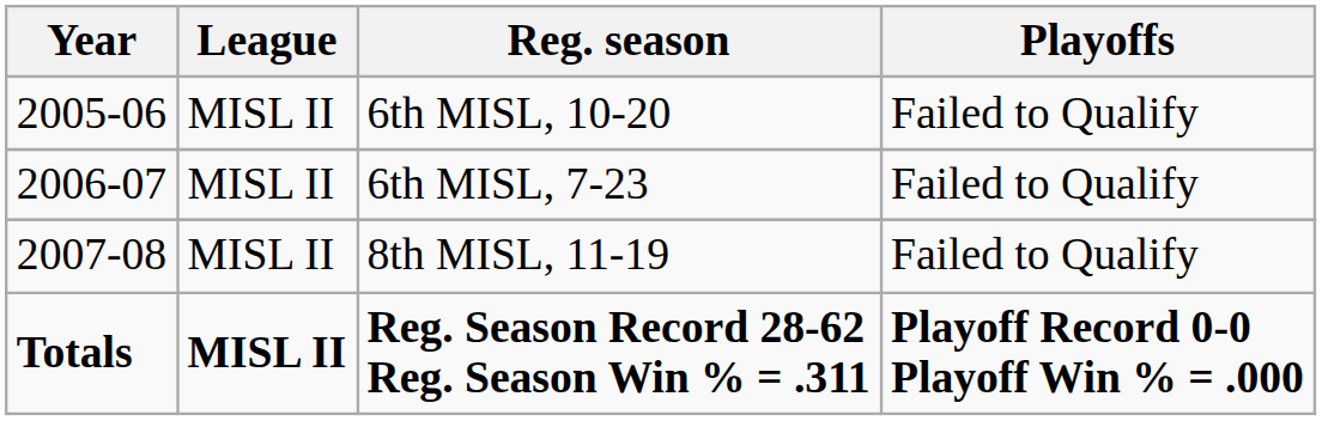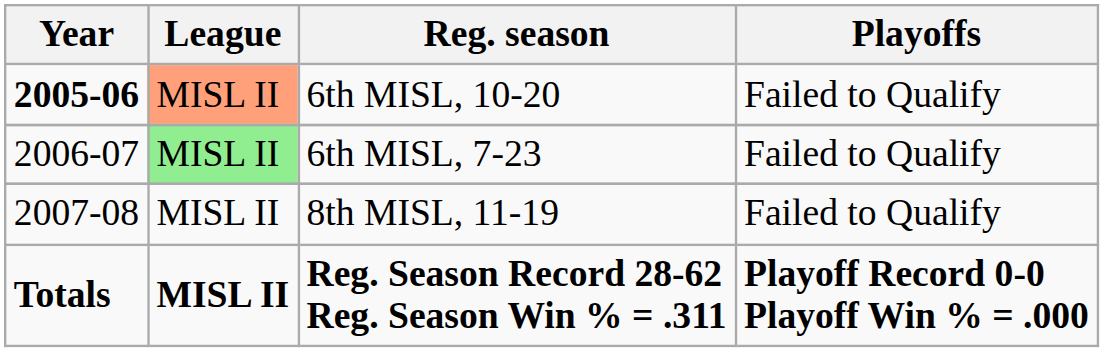 <table class="wikitable">
 <tr>
 <th>Year</th>
 <th>League</th>
 <th>Reg. season</th>
 <th>Playoffs</th>
 </tr>
 <tr>
-<td>2005-06</td>
-<td>MISL II</td>
+<td><strong>2005-06</strong></td>
+<td style="background: lightsalmon;">MISL II</td>
 <td>6th MISL, 10-20</td>
 <td>Failed to Qualify</td>
 </tr>
 <tr>
 </tr>
 <tr>
 <td>2006-07</td>
-<td>MISL II</td>
+<td style="background: lightgreen;">MISL II</td>
 <td>6th MISL, 7-23</td>
 <td>Failed to Qualify</td>
 </tr>
 <tr>
 </tr>
 <tr>
 <td>2007-08</td>
 <td>MISL II</td>
 <td>8th MISL, 11-19</td>
 <td>Failed to Qualify</td>
 </tr>
 <tr>
 <td><strong>Totals</strong></td>
 <td><strong>MISL II</strong></td>
 <td><strong>Reg. Season Record   28-62</strong><br><strong>Reg. Season Win % = .311</strong></td>
 <td><strong>Playoff Record   0-0</strong> <br> <strong>Playoff Win % = .000</strong></td>
 </tr>
 </table>
